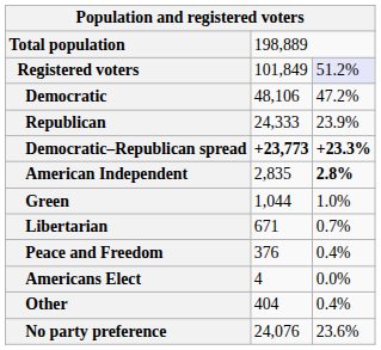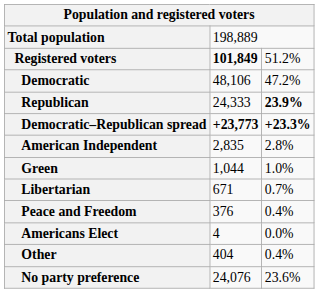 <table class="wikitable collapsible collapsed">
 <tr>
 <th colspan="3">Population and registered voters</th>
 </tr>
 <tr>
 <th scope="row" style="text-align: left;">Total population</th>
 <td colspan="2">198,889</td>
 </tr>
 <tr>
 <th scope="row" style="text-align: left;">  Registered voters</th>
-<td>101,849</td>
-<td style="background: lavender;">51.2%</td>
+<td><strong>101,849</strong></td>
+<td>51.2%</td>
 </tr>
 <tr>
 <th scope="row" style="text-align: left;">    Democratic</th>
 <td>48,106</td>
 <td>47.2%</td>
 </tr>
 <tr>
 <th scope="row" style="text-align: left;">    Republican</th>
 <td>24,333</td>
-<td>23.9%</td>
+<td><strong>23.9%</strong></td>
 </tr>
 <tr>
 <th scope="row" style="text-align: left;">    Democratic–Republican spread</th>
 <td><span><strong>+23,773</strong></span></td>
 <td><span><strong>+23.3%</strong></span></td>
 </tr>
 <tr>
 <th scope="row" style="text-align: left;">    American Independent</th>
 <td>2,835</td>
-<td><strong>2.8%</strong></td>
+<td>2.8%</td>
 </tr>
 <tr>
 <th scope="row" style="text-align: left;">    Green</th>
 <td>1,044</td>
 <td>1.0%</td>
 </tr>
 <tr>
 <th scope="row" style="text-align: left;">    Libertarian</th>
 <td>671</td>
 <td>0.7%</td>
 </tr>
 <tr>
 <th scope="row" style="text-align: left;">    Peace and Freedom</th>
 <td>376</td>
 <td>0.4%</td>
 </tr>
 <tr>
 <th scope="row" style="text-align: left;">    Americans Elect</th>
 <td>4</td>
 <td>0.0%</td>
 </tr>
 <tr>
 <th scope="row" style="text-align: left;">    Other</th>
 <td>404</td>
 <td>0.4%</td>
 </tr>
 <tr>
 <th scope="row" style="text-align: left;">    No party preference</th>
 <td>24,076</td>
 <td>23.6%</td>
 </tr>
 </table>
